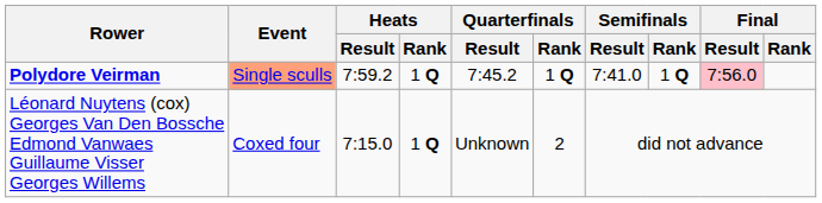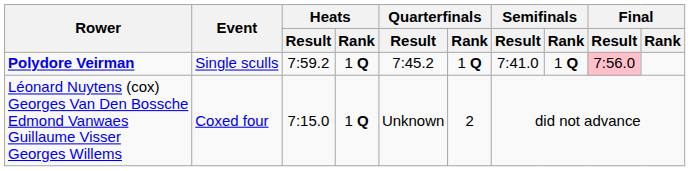 <table class=wikitable style="font-size:90%">
 <tr>
 <th rowspan=2>Rower</th>
 <th rowspan=2>Event</th>
 <th colspan=2>Heats</th>
 <th colspan=2>Quarterfinals</th>
 <th colspan=2>Semifinals</th>
 <th colspan=2>Final</th>
 </tr>
 <tr>
 <th>Result</th>
 <th>Rank</th>
 <th>Result</th>
 <th>Rank</th>
 <th>Result</th>
 <th>Rank</th>
 <th>Result</th>
 <th>Rank</th>
 </tr>
 <tr>
 <td><strong><a href='#'>Polydore Veirman</a></strong></td>
-<td style="background: lightsalmon;"><a href='#'>Single sculls</a></td>
+<td><a href='#'>Single sculls</a></td>
 <td align=center>7:59.2</td>
 <td align=center>1 <strong>Q</strong></td>
 <td align=center>7:45.2</td>
 <td align=center>1 <strong>Q</strong></td>
 <td align=center>7:41.0</td>
 <td align=center>1 <strong>Q</strong></td>
 <td align=center style="background: pink;">7:56.0</td>
 <td align=center></td>
 </tr>
 <tr>
 <td><a href='#'>Léonard Nuytens</a> (cox) <br> <a href='#'>Georges Van Den Bossche</a> <br> <a href='#'>Edmond Vanwaes</a> <br> <a href='#'>Guillaume Visser</a> <br> <a href='#'>Georges Willems</a></td>
 <td><a href='#'>Coxed four</a></td>
 <td align=center>7:15.0</td>
 <td align=center>1 <strong>Q</strong></td>
 <td align=center>Unknown</td>
 <td align=center>2</td>
 <td align=center colspan=4>did not advance</td>
 </tr>
 </table>
